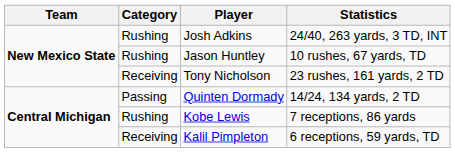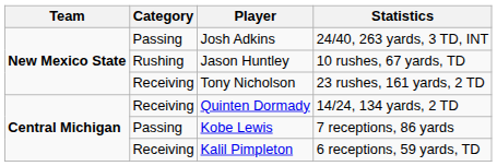 <table class="wikitable" style="float: left;">
 <tr>
 <th>Team</th>
 <th>Category</th>
 <th>Player</th>
 <th>Statistics</th>
 </tr>
 <tr>
 <td rowspan=3><strong>New Mexico State</strong></td>
-<td>Rushing</td>
+<td>Passing</td>
 <td>Josh Adkins</td>
 <td>24/40, 263 yards, 3 TD, INT</td>
 </tr>
 <tr>
 <td>Rushing</td>
 <td>Jason Huntley</td>
 <td>10 rushes, 67 yards, TD</td>
 </tr>
 <tr>
 <td>Receiving</td>
 <td>Tony Nicholson</td>
 <td>23 rushes, 161 yards, 2 TD</td>
 </tr>
 <tr>
 <td rowspan=3><strong>Central Michigan</strong></td>
-<td>Passing</td>
+<td>Receiving</td>
 <td><a href='#'>Quinten Dormady</a></td>
 <td>14/24, 134 yards, 2 TD</td>
 </tr>
 <tr>
-<td>Rushing</td>
+<td>Passing</td>
 <td><a href='#'>Kobe Lewis</a></td>
 <td>7 receptions, 86 yards</td>
 </tr>
 <tr>
 <td>Receiving</td>
 <td><a href='#'>Kalil Pimpleton</a></td>
 <td>6 receptions, 59 yards, TD</td>
 </tr>
 </table>
